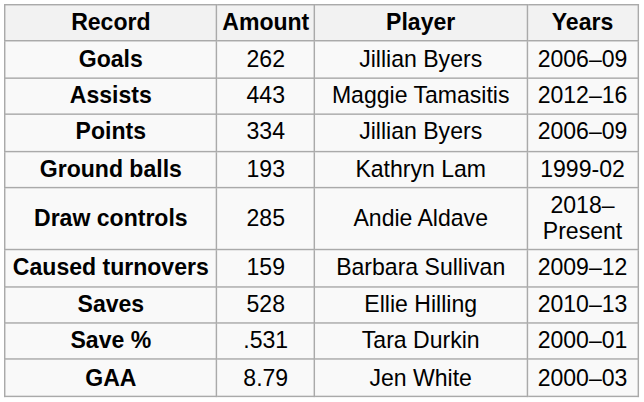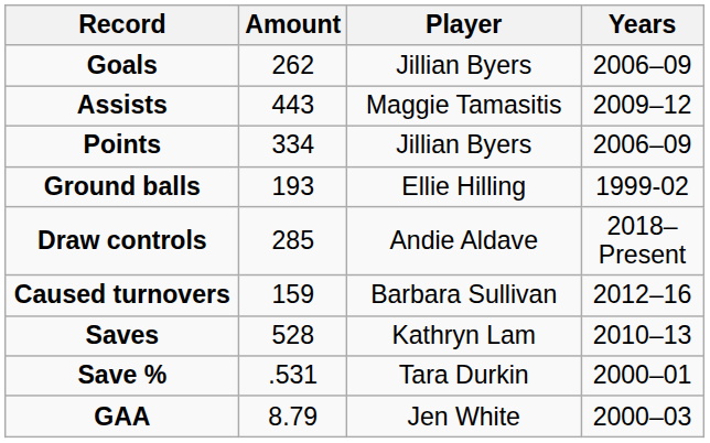 <table class="wikitable">
 <tr>
 <th style="width:140px; ">Record</th>
 <th style="width:35px; ">Amount</th>
 <th style="width:140px; ">Player</th>
 <th style="width:70px; ">Years</th>
 </tr>
 <tr style="text-align:center;">
 <td><strong>Goals</strong></td>
 <td>262</td>
 <td>Jillian Byers</td>
 <td>2006–09</td>
 </tr>
 <tr style="text-align:center;">
 <td><strong>Assists</strong></td>
 <td>443</td>
 <td>Maggie Tamasitis</td>
-<td>2012–16</td>
+<td>2009–12</td>
 </tr>
 <tr style="text-align:center;">
 <td><strong>Points</strong></td>
 <td>334</td>
 <td>Jillian Byers</td>
 <td>2006–09</td>
 </tr>
 <tr style="text-align:center;">
 <td><strong>Ground balls</strong></td>
 <td>193</td>
-<td>Kathryn Lam</td>
+<td>Ellie Hilling</td>
 <td>1999-02</td>
 </tr>
 <tr style="text-align:center;">
 <td><strong>Draw controls</strong></td>
 <td>285</td>
 <td>Andie Aldave</td>
 <td>2018–Present</td>
 </tr>
 <tr style="text-align:center;">
 <td><strong>Caused turnovers</strong></td>
 <td>159</td>
 <td>Barbara Sullivan</td>
-<td>2009–12</td>
+<td>2012–16</td>
 </tr>
 <tr style="text-align:center;">
 <td><strong>Saves</strong></td>
 <td>528</td>
-<td>Ellie Hilling</td>
+<td>Kathryn Lam</td>
 <td>2010–13</td>
 </tr>
 <tr style="text-align:center;">
 <td><strong>Save %</strong></td>
 <td>.531</td>
 <td>Tara Durkin</td>
 <td>2000–01</td>
 </tr>
 <tr style="text-align:center;">
 <td><strong>GAA</strong></td>
 <td>8.79</td>
 <td>Jen White</td>
 <td>2000–03</td>
 </tr>
 </table>
